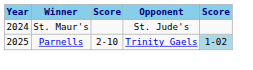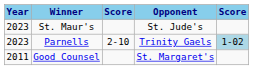 <table class="wikitable" style="text-align:center;">
 <tr>
 <th style="background:skyblue;color:navy;">Year</th>
 <th style="background:skyblue;color:navy;">Winner</th>
 <th style="background:skyblue;color:navy;">Score</th>
 <th style="background:skyblue;color:navy;">Opponent</th>
 <th style="background:skyblue;color:navy;">Score</th>
 </tr>
 <tr>
-<td>2024</td>
+<td>2023</td>
 <td>St. Maur's</td>
 <td></td>
 <td>St. Jude's</td>
 <td></td>
 </tr>
 <tr>
-<td>2025</td>
+<td>2023</td>
 <td><a href='#'>Parnells</a></td>
 <td>2-10</td>
 <td><a href='#'>Trinity Gaels</a></td>
 <td style="background: lightblue;">1-02</td>
 </tr>
+<tr>
+<td>2011</td>
+<td><a href='#'>Good Counsel</a></td>
+<td></td>
+<td><a href='#'>St. Margaret's</a></td>
+<td></td>
+</tr>
 </table>
